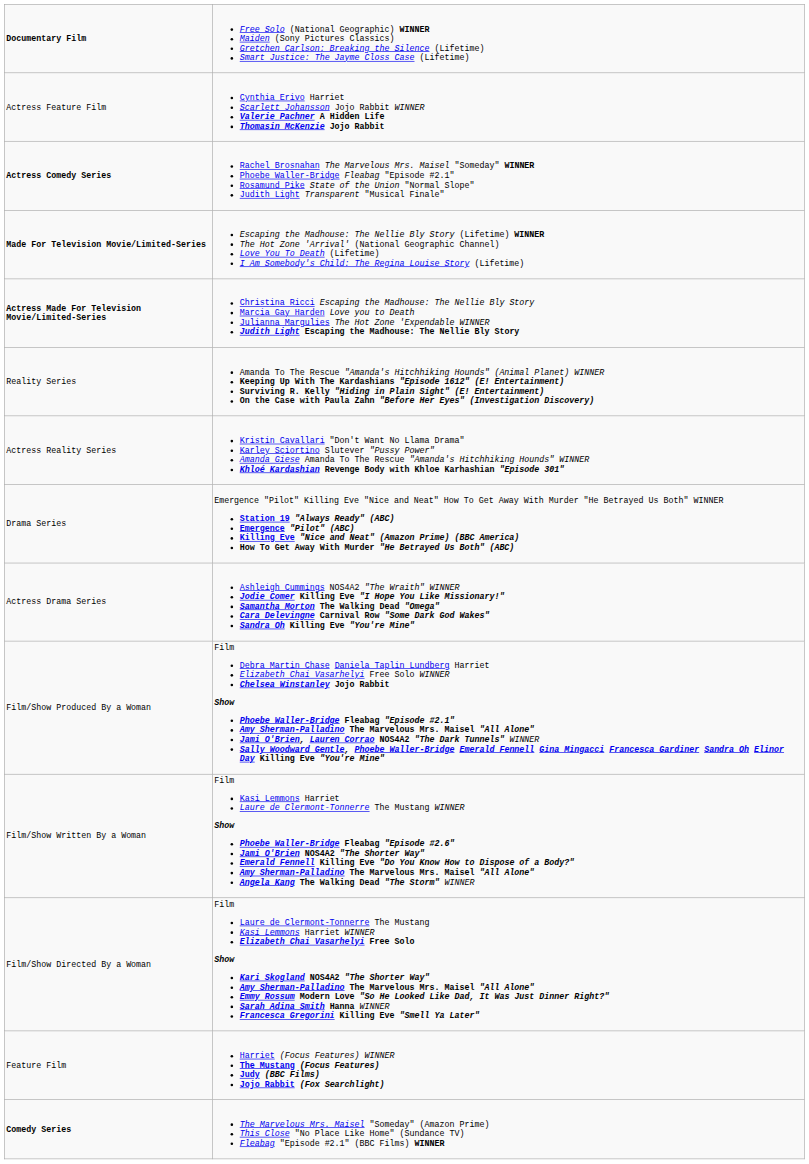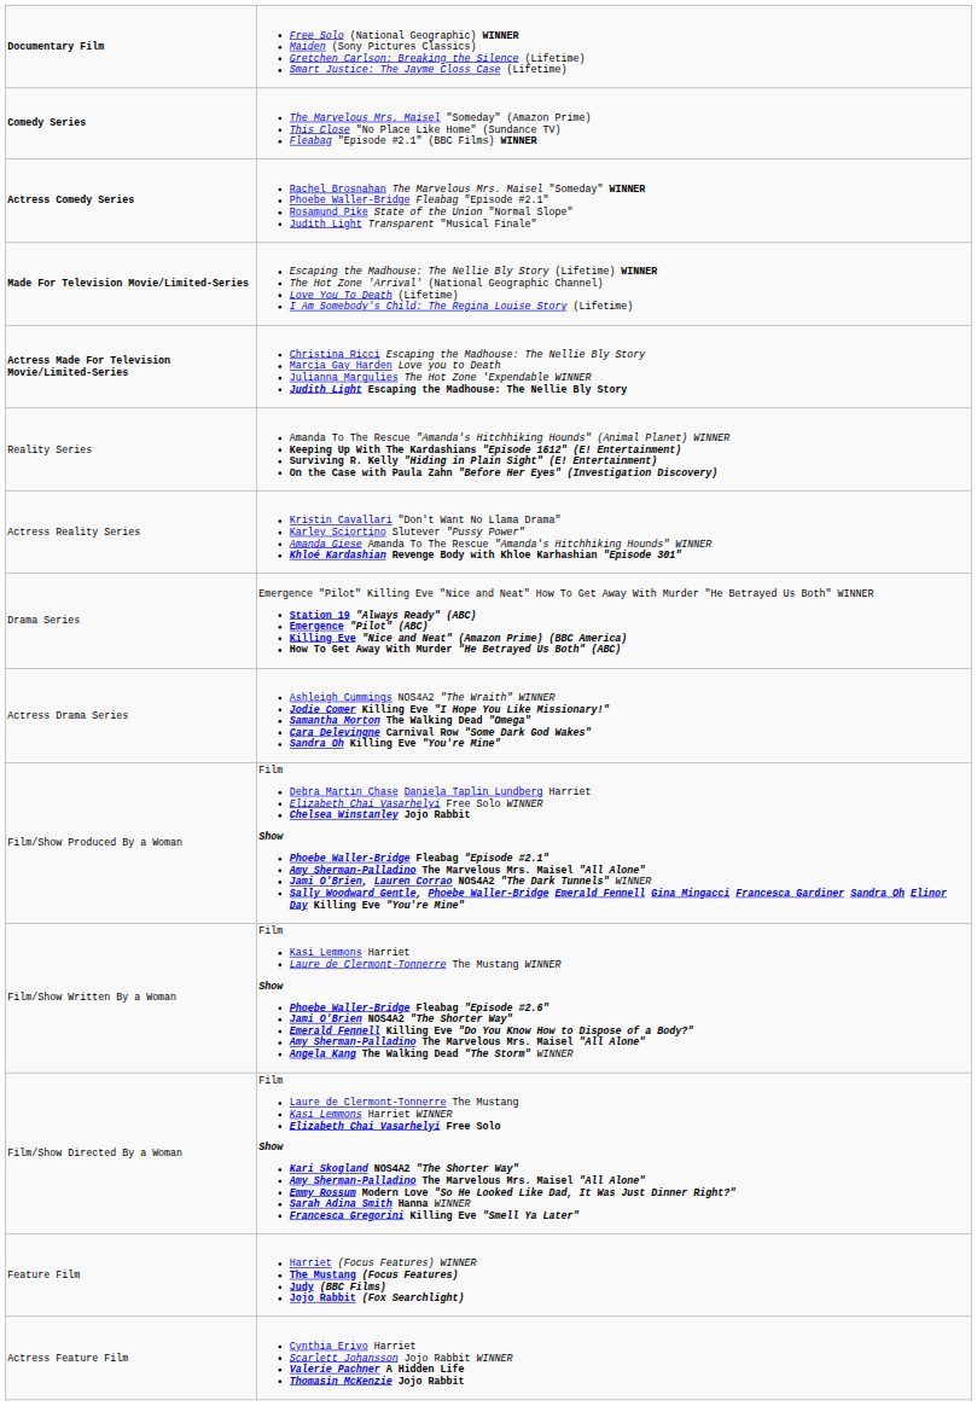 <table class="wikitable">
 <tr>
 <td><strong>Documentary Film</strong></td>
 <td><br><ul><li><em><a href='#'>Free Solo</a></em> (National Geographic) <strong>WINNER</strong></li><li><em><a href='#'>Maiden</a></em> (Sony Pictures Classics)</li><li><em><a href='#'>Gretchen Carlson: Breaking the Silence</a></em> (Lifetime)</li><li><em><a href='#'>Smart Justice: The Jayme Closs Case</a></em> (Lifetime)</li></ul></td>
 </tr>
 <tr>
-<td></strong>Actress Feature Film<strong></td>
-<td><br><ul><li><a href='#'>Cynthia Erivo</a> </em>Harriet<em></li><li><a href='#'>Scarlett Johansson</a> </em>Jojo Rabbit<em> </strong>WINNER<strong></li><li><a href='#'>Valerie Pachner</a> </em>A Hidden Life<em></li><li><a href='#'>Thomasin McKenzie</a> </em>Jojo Rabbit<em></li></ul></td>
+<td><strong>Comedy Series</strong></td>
+<td><br><ul><li><em><a href='#'>The Marvelous Mrs. Maisel</a></em>  "Someday" (Amazon Prime)</li><li><em><a href='#'>This Close</a></em> "No Place Like Home" (Sundance TV)</li><li><em><a href='#'>Fleabag</a></em> "Episode #2.1" (BBC Films) <strong>WINNER</strong></li></ul></td>
 </tr>
 <tr>
 <td><strong>Actress Comedy Series</strong></td>
 <td><br><ul><li><a href='#'>Rachel Brosnahan</a> <em>The Marvelous Mrs. Maisel</em> "Someday" <strong>WINNER</strong></li><li><a href='#'>Phoebe Waller-Bridge</a> <em>Fleabag</em> "Episode #2.1"</li><li><a href='#'>Rosamund Pike</a> <em>State of the Union</em> "Normal Slope"</li><li><a href='#'>Judith Light</a> <em>Transparent</em> "Musical Finale"</li></ul></td>
 </tr>
 <tr>
 <td><strong>Made For Television Movie/Limited-Series</strong></td>
 <td><br><ul><li><em> Escaping the Madhouse: The Nellie Bly Story</em> (Lifetime) <strong>WINNER</strong></li><li><em>The Hot Zone 'Arrival' </em> (National Geographic Channel)</li><li><em><a href='#'>Love You To Death</a></em> (Lifetime)</li><li><em><a href='#'>I Am Somebody's Child: The Regina Louise Story</a></em> (Lifetime)</li></ul></td>
 </tr>
 <tr>
 <td><strong>Actress Made For Television Movie/Limited-Series</strong></td>
 <td><br><ul><li><a href='#'>Christina Ricci</a> <em>Escaping the Madhouse: The Nellie Bly Story</em></li><li><a href='#'>Marcia Gay Harden</a> <em>Love you to Death</em></li><li><a href='#'>Julianna Margulies</a> <em>The Hot Zone 'Expendable<strong> </strong>WINNER<strong></li><li><a href='#'>Judith Light</a> </em>Escaping the Madhouse: The Nellie Bly Story<em></li></ul></td>
 </tr>
 <tr>
 <td></strong>Reality Series<strong></td>
 <td><br><ul><li></em>Amanda To The Rescue<em>  "Amanda's Hitchhiking Hounds" (Animal Planet) </strong>WINNER<strong></li><li></em> Keeping Up With The Kardashians<em> "Episode 1612" (E! Entertainment)</li><li></em> Surviving R. Kelly<em>  "Hiding in Plain Sight" (E! Entertainment)</li><li></em> On the Case with Paula Zahn<em> "Before Her Eyes" (Investigation Discovery)</li></ul></td>
 </tr>
 <tr>
 <td></strong>Actress Reality Series<strong></td>
 <td><br><ul><li><a href='#'>Kristin Cavallari</a> "Don't Want No Llama Drama"</li><li><a href='#'>Karley Sciortino</a> </em>Slutever<em> "Pussy Power"</li><li><a href='#'>Amanda Giese</a> </em>Amanda To The Rescue<em> "Amanda's Hitchhiking Hounds" </strong>WINNER<strong></li><li><a href='#'>Khloé Kardashian</a> </em>Revenge Body with Khloe Karhashian<em> "Episode 301"</li></ul></td>
 </tr>
 <tr>
 <td></strong>Drama Series<strong></td>
 <td><br>Emergence "Pilot"  Killing Eve "Nice and Neat" How To Get Away With Murder "He Betrayed Us Both" </strong>WINNER<strong><ul><li></em><a href='#'>Station 19</a><em>  "Always Ready" (ABC)</li><li></em><a href='#'>Emergence</a><em> "Pilot" (ABC)</li><li></em><a href='#'>Killing Eve</a><em> "Nice and Neat" (Amazon Prime) (BBC America)</li><li></em>How To Get Away With Murder<em> "He Betrayed Us Both" (ABC)</li></ul></td>
 </tr>
 <tr>
 <td></strong>Actress Drama Series<strong></td>
 <td><br><ul><li><a href='#'>Ashleigh Cummings</a> </em>NOS4A2<em> "The Wraith" </strong>WINNER<strong></li><li><a href='#'>Jodie Comer</a> </em>Killing Eve<em> "I Hope You Like Missionary!"</li><li><a href='#'>Samantha Morton</a> </em>The Walking Dead<em> "Omega"</li><li><a href='#'>Cara Delevingne</a> </em>Carnival Row<em> "Some Dark God Wakes"</li><li><a href='#'>Sandra Oh</a> </em>Killing Eve<em> "You're Mine"</li></ul></td>
 </tr>
 <tr>
 <td></strong>Film/Show Produced By a Woman<strong></td>
 <td>Film<br><ul><li><a href='#'>Debra Martin Chase</a> <a href='#'>Daniela Taplin Lundberg</a> </em>Harriet<em></li><li><a href='#'>Elizabeth Chai Vasarhelyi</a> </em>Free Solo<em> </strong>WINNER<strong></li><li><a href='#'>Chelsea Winstanley</a> </em>Jojo Rabbit<em></li></ul>Show<ul><li><a href='#'>Phoebe Waller-Bridge</a> </em>Fleabag<em> "Episode #2.1"</li><li><a href='#'>Amy Sherman-Palladino</a> </em> The Marvelous Mrs. Maisel<em> "All Alone"</li><li><a href='#'>Jami O'Brien</a>, <a href='#'>Lauren Corrao</a> </em>NOS4A2<em>  "The Dark Tunnels"  </strong>WINNER<strong></li><li><a href='#'>Sally Woodward Gentle</a>, <a href='#'>Phoebe Waller-Bridge</a> <a href='#'>Emerald Fennell</a> <a href='#'>Gina Mingacci</a> <a href='#'>Francesca Gardiner</a> <a href='#'>Sandra Oh</a> <a href='#'>Elinor Day</a> </em>Killing Eve<em> "You're Mine"</li></ul></td>
 </tr>
 <tr>
 <td></strong>Film/Show Written By a Woman<strong></td>
 <td>Film<br><ul><li><a href='#'>Kasi Lemmons</a> </em>Harriet<em></li><li><a href='#'>Laure de Clermont-Tonnerre</a> </em>The Mustang<em> </strong>WINNER<strong></li></ul>Show<ul><li><a href='#'>Phoebe Waller-Bridge</a> </em>Fleabag<em> "Episode #2.6"</li><li><a href='#'>Jami O'Brien</a> </em>NOS4A2<em> "The Shorter Way"</li><li><a href='#'>Emerald Fennell</a> </em>Killing Eve<em>  "Do You Know How to Dispose of a Body?"</li><li><a href='#'>Amy Sherman-Palladino</a> </em>The Marvelous Mrs. Maisel<em> "All Alone"</li><li><a href='#'>Angela Kang</a> </em>The Walking Dead<em> "The Storm" </strong>WINNER<strong></li></ul></td>
 </tr>
 <tr>
 <td></strong>Film/Show Directed By a Woman<strong></td>
 <td>Film<br><ul><li><a href='#'>Laure de Clermont-Tonnerre</a> </em>The Mustang<em></li><li><a href='#'>Kasi Lemmons</a> </em>Harriet<em> </strong>WINNER<strong></li><li><a href='#'>Elizabeth Chai Vasarhelyi</a> </em>Free Solo<em></li></ul>Show<ul><li><a href='#'>Kari Skogland</a> </em>NOS4A2<em> "The Shorter Way"</li><li><a href='#'>Amy Sherman-Palladino</a> </em>The Marvelous Mrs. Maisel<em> "All Alone"</li><li><a href='#'>Emmy Rossum</a> </em>Modern Love<em> "So He Looked Like Dad, It Was Just Dinner Right?"</li><li><a href='#'>Sarah Adina Smith</a> </em>Hanna<em> </strong>WINNER<strong></li><li><a href='#'>Francesca Gregorini</a> </em>Killing Eve<em> "Smell Ya Later"</li></ul></td>
 </tr>
 <tr>
 <td></strong>Feature Film<strong></td>
 <td><br><ul><li></em><a href='#'>Harriet</a><em> (Focus Features) </strong>WINNER<strong></li><li></em><a href='#'>The Mustang</a><em>  (Focus Features)</li><li></em><a href='#'>Judy</a><em> (BBC Films)</li><li></em><a href='#'>Jojo Rabbit</a><em> (Fox Searchlight)</li></ul></td>
 </tr>
 <tr>
-<td><strong>Comedy Series</strong></td>
-<td><br><ul><li><em><a href='#'>The Marvelous Mrs. Maisel</a></em>  "Someday" (Amazon Prime)</li><li><em><a href='#'>This Close</a></em> "No Place Like Home" (Sundance TV)</li><li><em><a href='#'>Fleabag</a></em> "Episode #2.1" (BBC Films) <strong>WINNER</strong></li></ul></td>
+<td></strong>Actress Feature Film<strong></td>
+<td><br><ul><li><a href='#'>Cynthia Erivo</a> </em>Harriet<em></li><li><a href='#'>Scarlett Johansson</a> </em>Jojo Rabbit<em> </strong>WINNER<strong></li><li><a href='#'>Valerie Pachner</a> </em>A Hidden Life<em></li><li><a href='#'>Thomasin McKenzie</a> </em>Jojo Rabbit<em></li></ul></td>
 </tr>
 </table>
